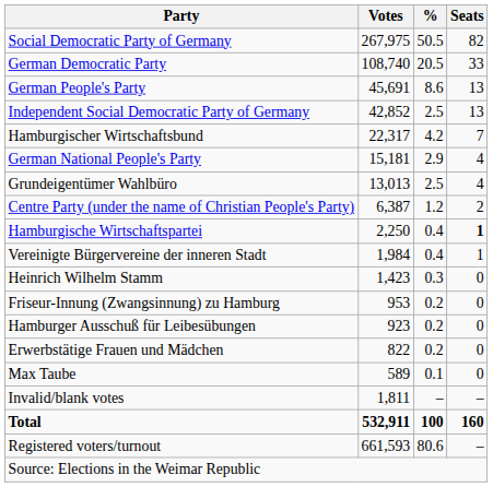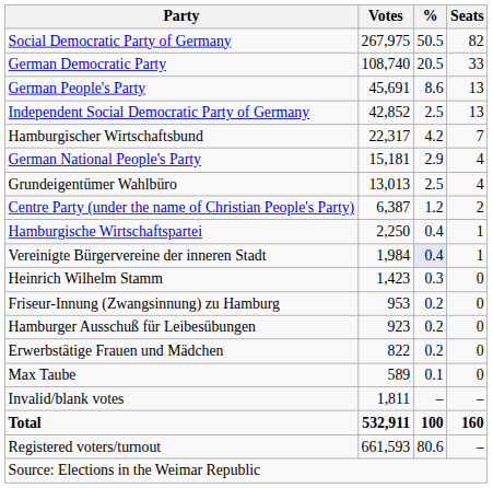 <table class="wikitable" style="text-align:right">
 <tr>
 <th>Party</th>
 <th>Votes</th>
 <th>%</th>
 <th>Seats</th>
 </tr>
 <tr>
 <td align="left"><a href='#'>Social Democratic Party of Germany</a></td>
 <td>267,975</td>
 <td>50.5</td>
 <td>82</td>
 </tr>
 <tr>
 <td align="left"><a href='#'>German Democratic Party</a></td>
 <td>108,740</td>
 <td>20.5</td>
 <td>33</td>
 </tr>
 <tr>
 <td align="left"><a href='#'>German People's Party</a></td>
 <td>45,691</td>
 <td>8.6</td>
 <td>13</td>
 </tr>
 <tr>
 <td align="left"><a href='#'>Independent Social Democratic Party of Germany</a></td>
 <td>42,852</td>
 <td>2.5</td>
 <td>13</td>
 </tr>
 <tr>
 <td align="left">Hamburgischer Wirtschaftsbund</td>
 <td>22,317</td>
 <td>4.2</td>
 <td>7</td>
 </tr>
 <tr>
 <td align="left"><a href='#'>German National People's Party</a></td>
 <td>15,181</td>
 <td>2.9</td>
 <td>4</td>
 </tr>
 <tr>
 <td align="left">Grundeigentümer Wahlbüro</td>
 <td>13,013</td>
 <td>2.5</td>
 <td>4</td>
 </tr>
 <tr>
 <td align="left"><a href='#'>Centre Party (under the name of Christian People's Party)</a></td>
 <td>6,387</td>
 <td>1.2</td>
 <td>2</td>
 </tr>
 <tr>
 <td align="left"><a href='#'>Hamburgische Wirtschaftspartei</a></td>
 <td>2,250</td>
 <td>0.4</td>
-<td><strong>1</strong></td>
+<td>1</td>
 </tr>
 <tr>
 <td align="left">Vereinigte Bürgervereine der inneren Stadt</td>
 <td>1,984</td>
-<td>0.4</td>
+<td style="background: lavender;">0.4</td>
 <td>1</td>
 </tr>
 <tr>
 <td align="left">Heinrich Wilhelm Stamm</td>
 <td>1,423</td>
 <td>0.3</td>
 <td>0</td>
 </tr>
 <tr>
 <td align="left">Friseur-Innung (Zwangsinnung) zu Hamburg</td>
 <td>953</td>
 <td>0.2</td>
 <td>0</td>
 </tr>
 <tr>
 <td align="left">Hamburger Ausschuß für Leibesübungen</td>
 <td>923</td>
 <td>0.2</td>
 <td>0</td>
 </tr>
 <tr>
 <td align="left">Erwerbstätige Frauen und Mädchen</td>
 <td>822</td>
 <td>0.2</td>
 <td>0</td>
 </tr>
 <tr>
 <td align="left">Max Taube</td>
 <td>589</td>
 <td>0.1</td>
 <td>0</td>
 </tr>
 <tr>
 <td align="left">Invalid/blank votes</td>
 <td>1,811</td>
 <td>–</td>
 <td>–</td>
 </tr>
 <tr>
 <td align="left"><strong>Total</strong></td>
 <td><strong>532,911</strong></td>
 <td><strong>100</strong></td>
 <td><strong>160</strong></td>
 </tr>
 <tr>
 <td align="left">Registered voters/turnout</td>
 <td>661,593</td>
 <td>80.6</td>
 <td>–</td>
 </tr>
 <tr>
 <td colspan="4" align="left">Source: Elections in the Weimar Republic</td>
 </tr>
 </table>
